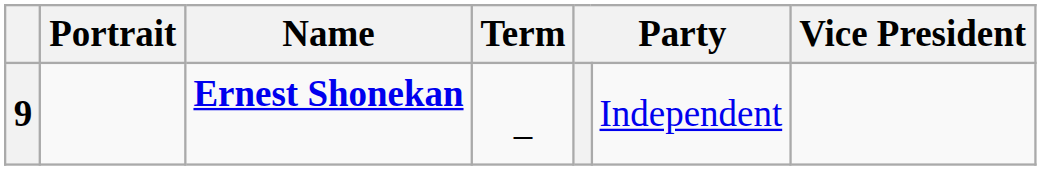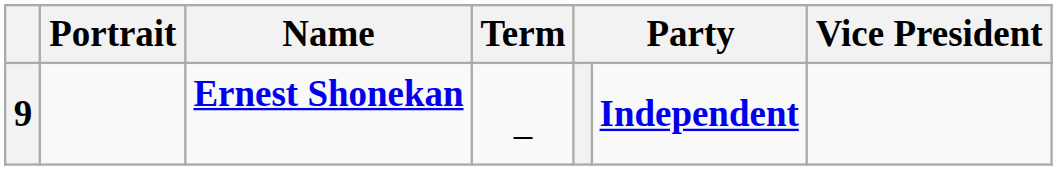 <table class="wikitable sortable sticky-header" style=text-align:center;>
 <tr>
 <th scope=col></th>
 <th scope=col class=unsortable>Portrait</th>
 <th scope=col>Name<br></th>
 <th scope=col class=unsortable>Term</th>
 <th scope=col colspan=2>Party</th>
 <th scope=col class=unsortable>Vice President</th>
 </tr>
 <tr>
 <th scope=row>9</th>
 <td></td>
 <td><strong><a href='#'>Ernest Shonekan</a></strong><br><br></td>
 <td><br>–<br></td>
 <th style="background:"></th>
-<td><a href='#'>Independent</a></td>
+<td><strong><a href='#'>Independent</a></strong></td>
 <td></td>
 </tr>
 </table>
